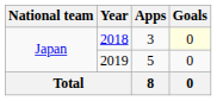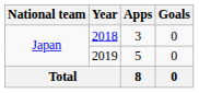 <table class="wikitable" style="text-align:center">
 <tr>
 <th>National team</th>
 <th>Year</th>
 <th>Apps</th>
 <th>Goals</th>
 </tr>
 <tr>
 <td rowspan="2"><a href='#'>Japan</a></td>
 <td><a href='#'>2018</a></td>
 <td>3</td>
-<td style="background: lightyellow;">0</td>
+<td>0</td>
 </tr>
 <tr>
 <td>2019</td>
 <td>5</td>
 <td>0</td>
 </tr>
 <tr>
 <th colspan="2">Total</th>
 <th>8</th>
 <th>0</th>
 </tr>
 </table>
